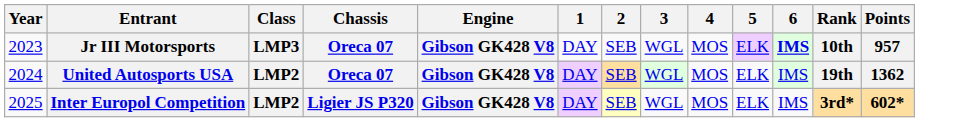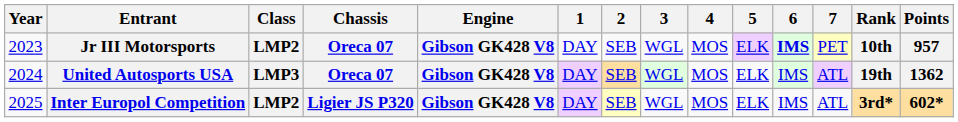 <table class="wikitable" style="text-align:center; font-size:90%">
 <tr>
 <th>Year</th>
 <th>Entrant</th>
 <th>Class</th>
 <th>Chassis</th>
 <th>Engine</th>
 <th>1</th>
 <th>2</th>
 <th>3</th>
 <th>4</th>
 <th>5</th>
 <th>6</th>
+<th>7</th>
 <th>Rank</th>
 <th>Points</th>
 </tr>
 <tr>
 <td><a href='#'>2023</a></td>
 <th>Jr III Motorsports</th>
-<th>LMP3</th>
+<th>LMP2</th>
 <th><a href='#'>Oreca 07</a></th>
 <th><a href='#'>Gibson</a> GK428 <a href='#'>V8</a></th>
 <td style="background:#;”"><a href='#'>DAY</a></td>
 <td style="background:#;"><a href='#'>SEB</a></td>
 <td style="background:#;"><a href='#'>WGL</a></td>
 <td style="background:#;"><a href='#'>MOS</a></td>
 <td style="background:#EFCFFF;"><a href='#'>ELK</a><br></td>
 <td style="background:#DFFFDF;”"><strong><a href='#'>IMS</a><br></strong></td>
+<td style="background:#FFFFBF;”"><a href='#'>PET</a><br></td>
 <th>10th</th>
 <th>957</th>
 </tr>
 <tr>
 <td><a href='#'>2024</a></td>
 <th><a href='#'>United Autosports USA</a></th>
-<th>LMP2</th>
+<th>LMP3</th>
 <th><a href='#'>Oreca 07</a></th>
 <th><a href='#'>Gibson</a> GK428 <a href='#'>V8</a></th>
 <td style="background:#EFCFFF;"><a href='#'>DAY</a><br></td>
 <td style="background:#FFDF9F;"><a href='#'>SEB</a><br></td>
 <td style="background:#DFFFDF;"><a href='#'>WGL</a><br></td>
 <td style="background:#;"><a href='#'>MOS</a></td>
 <td style="background:#;"><a href='#'>ELK</a></td>
 <td style="background:#DFFFDF;"><a href='#'>IMS</a><br></td>
+<td style="background:#EFCFFF;"><a href='#'>ATL</a><br></td>
 <th>19th</th>
 <th>1362</th>
 </tr>
 <tr>
 <td><a href='#'>2025</a></td>
 <th><a href='#'>Inter Europol Competition</a></th>
 <th>LMP2</th>
 <th><a href='#'>Ligier JS P320</a></th>
 <th><a href='#'>Gibson</a> GK428 <a href='#'>V8</a></th>
 <td style="background:#EFCFFF;"><a href='#'>DAY</a><br></td>
 <td style="background:#FFFFBF;"><a href='#'>SEB</a><br></td>
 <td style="background:#;"><a href='#'>WGL</a><br></td>
 <td style="background:#;"><a href='#'>MOS</a></td>
 <td style="background:#;"><a href='#'>ELK</a></td>
 <td style="background:#;"><a href='#'>IMS</a><br></td>
+<td style="background:#;"><a href='#'>ATL</a><br></td>
 <th style="background:#FFDF9F;">3rd*</th>
 <th style="background:#FFDF9F;">602*</th>
 </tr>
 </table>
